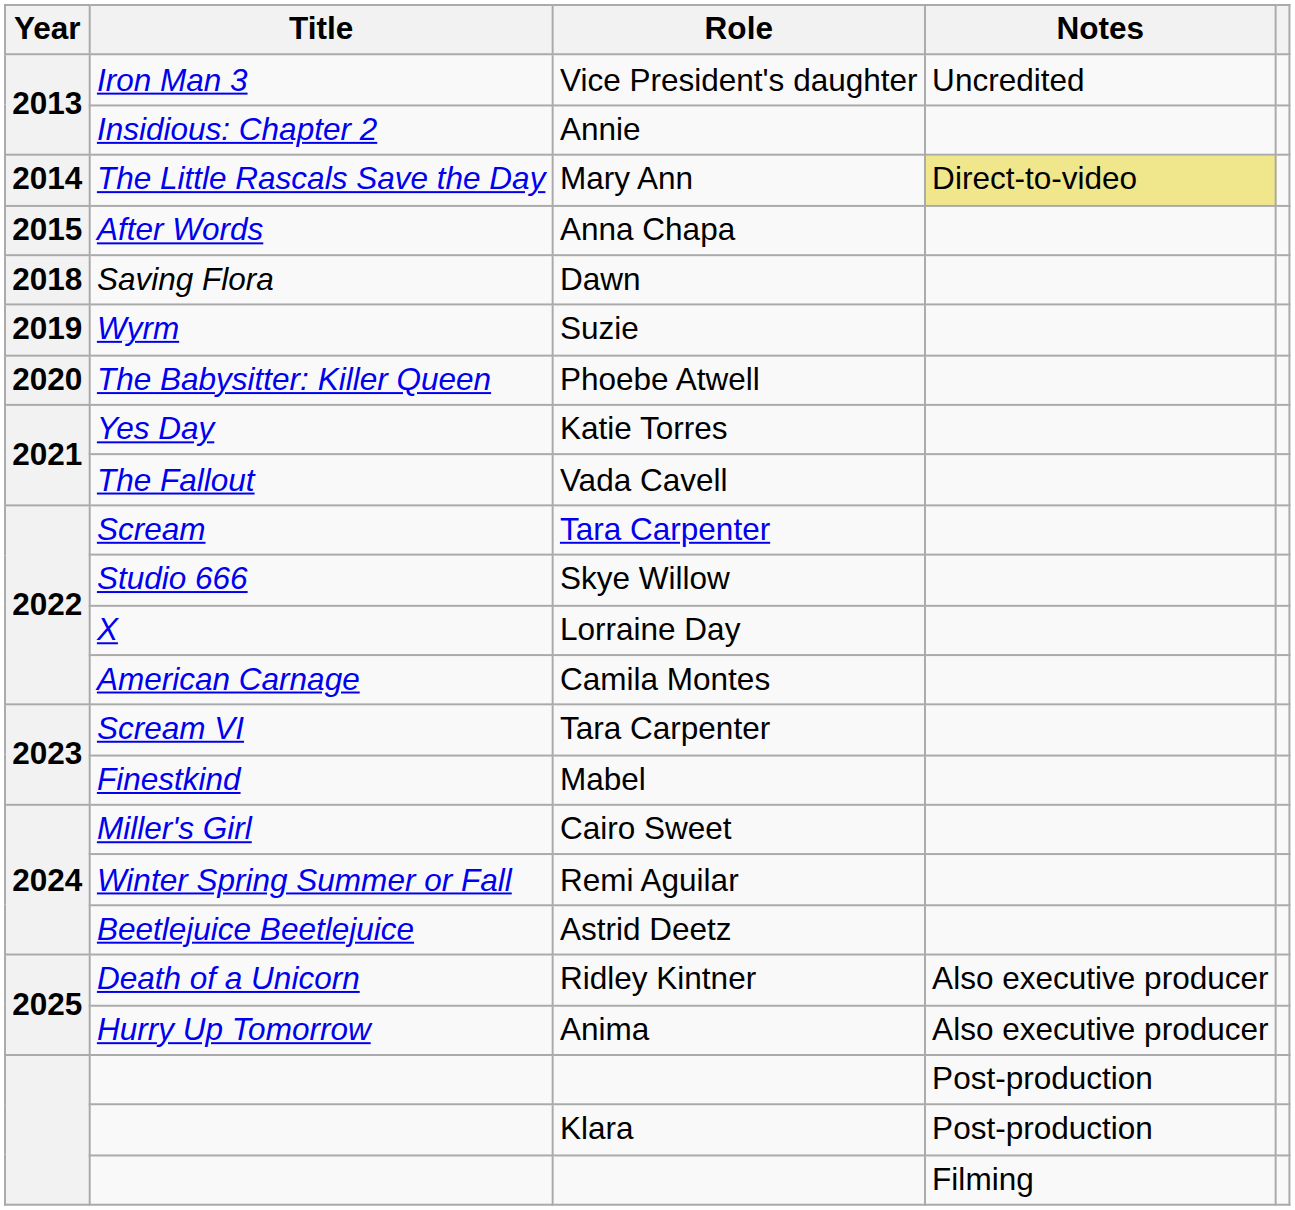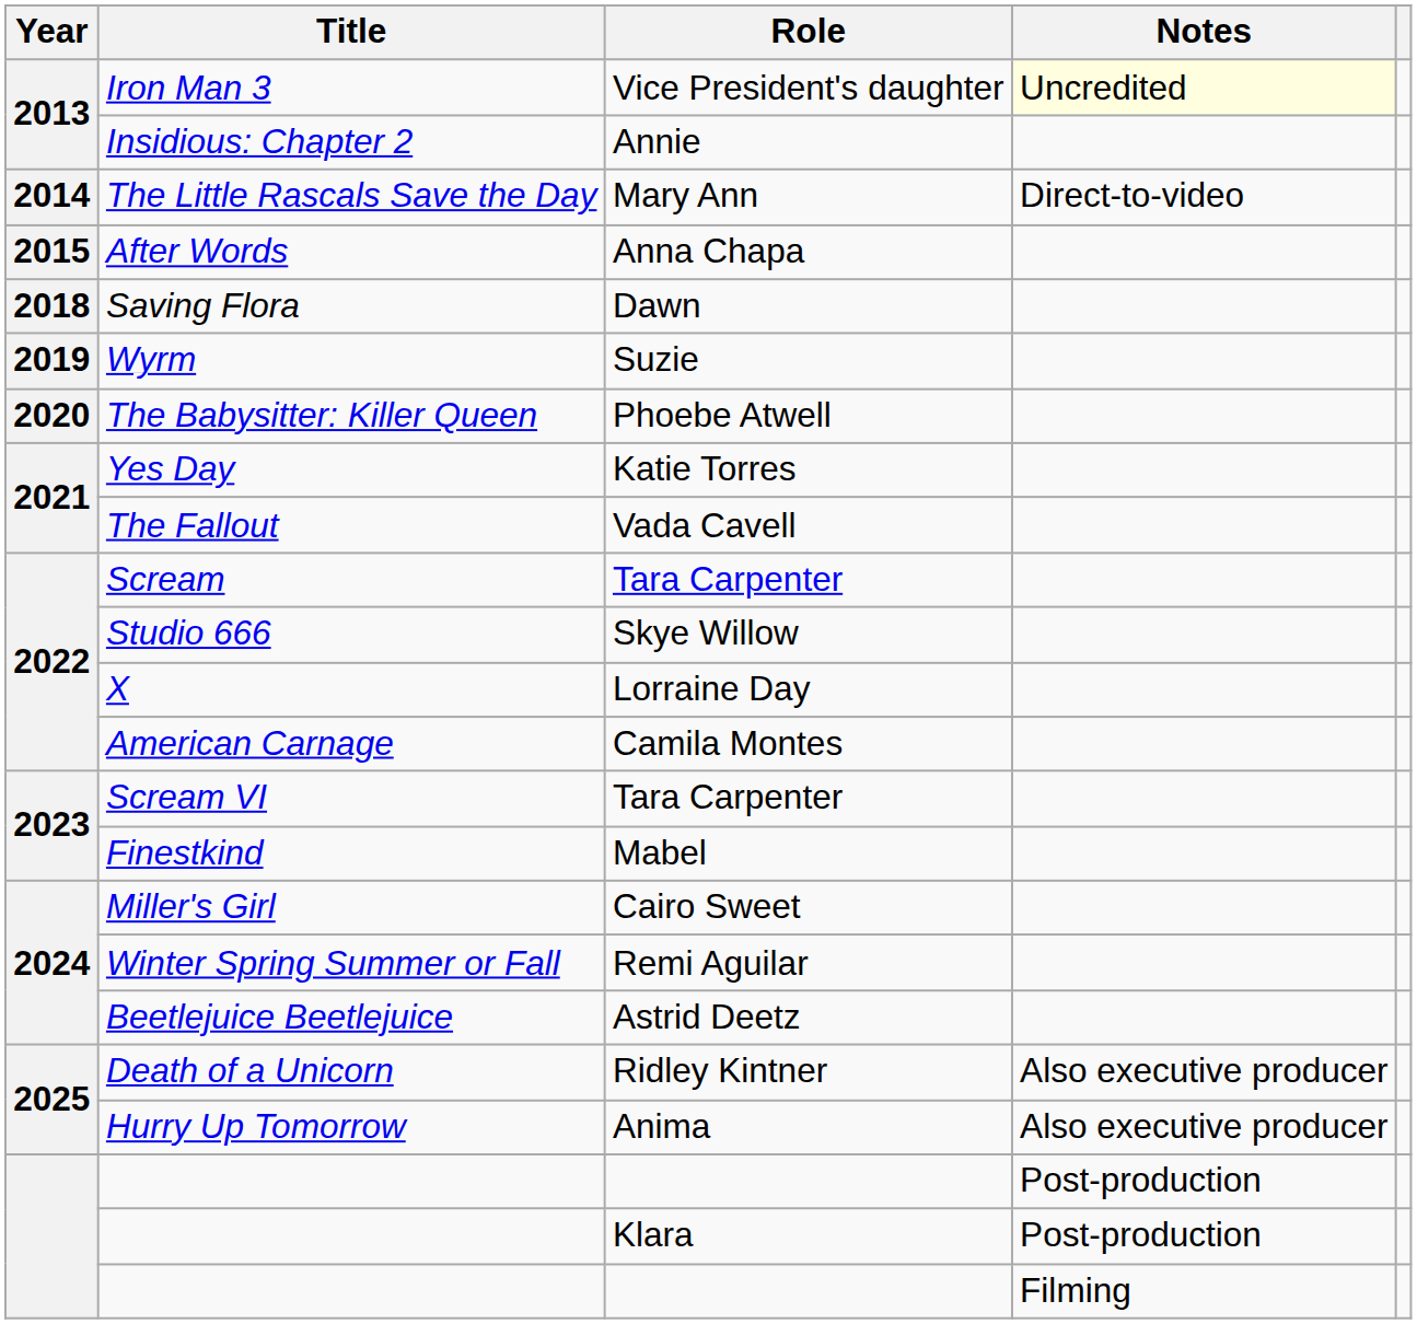 <table class="wikitable plainrowheaders sortable">
 <tr>
 <th scope="col">Year</th>
 <th scope="col">Title</th>
 <th scope="col">Role</th>
 <th scope="col" class="unsortable">Notes</th>
 <th scope="col" class="unsortable"></th>
 </tr>
 <tr>
 <th rowspan="2" scope="rowgroup">2013</th>
 <td><em><a href='#'>Iron Man 3</a></em></td>
 <td>Vice President's daughter</td>
-<td>Uncredited</td>
+<td style="background: lightyellow;">Uncredited</td>
 <td style="text-align:center;"></td>
 </tr>
 <tr>
 <td><em><a href='#'>Insidious: Chapter 2</a></em></td>
 <td>Annie</td>
 <td></td>
 <td style="text-align:center;"></td>
 </tr>
 <tr>
 <th scope="row">2014</th>
 <td><em><a href='#'>The Little Rascals Save the Day</a></em></td>
 <td>Mary Ann</td>
-<td style="background: khaki;">Direct-to-video</td>
+<td>Direct-to-video</td>
 <td style="text-align:center;"></td>
 </tr>
 <tr>
 <th scope="row">2015</th>
 <td><em><a href='#'>After Words</a></em></td>
 <td>Anna Chapa</td>
 <td></td>
 <td style="text-align:center;"></td>
 </tr>
 <tr>
 <th scope="row">2018</th>
 <td><em>Saving Flora</em></td>
 <td>Dawn</td>
 <td></td>
 <td style="text-align:center;"></td>
 </tr>
 <tr>
 <th scope="row">2019</th>
 <td><em><a href='#'>Wyrm</a></em></td>
 <td>Suzie</td>
 <td></td>
 <td style="text-align:center;"></td>
 </tr>
 <tr>
 <th scope="row">2020</th>
 <td><em><a href='#'>The Babysitter: Killer Queen</a></em></td>
 <td>Phoebe Atwell</td>
 <td></td>
 <td style="text-align:center;"></td>
 </tr>
 <tr>
 <th rowspan="2" scope="rowgroup">2021</th>
 <td><em><a href='#'>Yes Day</a></em></td>
 <td>Katie Torres</td>
 <td></td>
 <td style="text-align:center;"></td>
 </tr>
 <tr>
 <td><em><a href='#'>The Fallout</a></em></td>
 <td>Vada Cavell</td>
 <td></td>
 <td style="text-align:center;"></td>
 </tr>
 <tr>
 <th rowspan="4" scope="rowgroup">2022</th>
 <td><em><a href='#'>Scream</a></em></td>
 <td><a href='#'>Tara Carpenter</a></td>
 <td></td>
 <td style="text-align:center;"></td>
 </tr>
 <tr>
 <td><em><a href='#'>Studio 666</a></em></td>
 <td>Skye Willow</td>
 <td></td>
 <td style="text-align:center;"></td>
 </tr>
 <tr>
 <td><em><a href='#'>X</a></em></td>
 <td>Lorraine Day</td>
 <td></td>
 <td style="text-align:center;"></td>
 </tr>
 <tr>
 <td><em><a href='#'>American Carnage</a></em></td>
 <td>Camila Montes</td>
 <td></td>
 <td style="text-align:center;"></td>
 </tr>
 <tr>
 <th rowspan="2" scope="rowgroup">2023</th>
 <td><em><a href='#'>Scream VI</a></em></td>
 <td>Tara Carpenter</td>
 <td></td>
 <td style="text-align:center;"></td>
 </tr>
 <tr>
 <td><em><a href='#'>Finestkind</a></em></td>
 <td>Mabel</td>
 <td></td>
 <td style="text-align:center;"></td>
 </tr>
 <tr>
 <th rowspan="3" scope="rowgroup">2024</th>
 <td><em><a href='#'>Miller's Girl</a></em></td>
 <td>Cairo Sweet</td>
 <td></td>
 <td style="text-align:center;"></td>
 </tr>
 <tr>
 <td><em><a href='#'>Winter Spring Summer or Fall</a></em></td>
 <td>Remi Aguilar</td>
 <td></td>
 <td style="text-align:center;"></td>
 </tr>
 <tr>
 <td><em><a href='#'>Beetlejuice Beetlejuice</a></em></td>
 <td>Astrid Deetz</td>
 <td></td>
 <td style="text-align:center;"></td>
 </tr>
 <tr>
 <th rowspan="2" scope="rowgroup">2025</th>
 <td><em><a href='#'>Death of a Unicorn</a></em></td>
 <td>Ridley Kintner</td>
 <td>Also executive producer</td>
 <td style="text-align:center;"></td>
 </tr>
 <tr>
 <td><em><a href='#'>Hurry Up Tomorrow</a></em></td>
 <td>Anima</td>
 <td>Also executive producer</td>
 <td style="text-align:center;"></td>
 </tr>
 <tr>
 <th rowspan="3" scope="row"></th>
 <td></td>
 <td></td>
 <td>Post-production</td>
 <td style="text-align:center;"></td>
 </tr>
 <tr>
 <td></td>
 <td>Klara</td>
 <td>Post-production</td>
 <td style="text-align:center;"></td>
 </tr>
 <tr>
 <td></td>
 <td></td>
 <td>Filming</td>
 <td style="text-align:center;"></td>
 </tr>
 </table>
